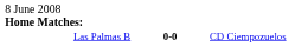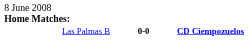 <table width=100% cellspacing=1>
 <tr>
 <th width=20%></th>
 <th width=12%></th>
 <th width=20%></th>
 <th></th>
 </tr>
 <tr>
 <td>8 June 2008<br><strong>Home Matches:</strong></td>
 </tr>
 <tr style=font-size:90%>
 <td align=right><a href='#'>Las Palmas B</a></td>
 <td align=center><strong>0-0</strong></td>
-<td><a href='#'>CD Ciempozuelos</a></td>
+<td><strong><a href='#'>CD Ciempozuelos</a></strong></td>
 </tr>
 </table>
